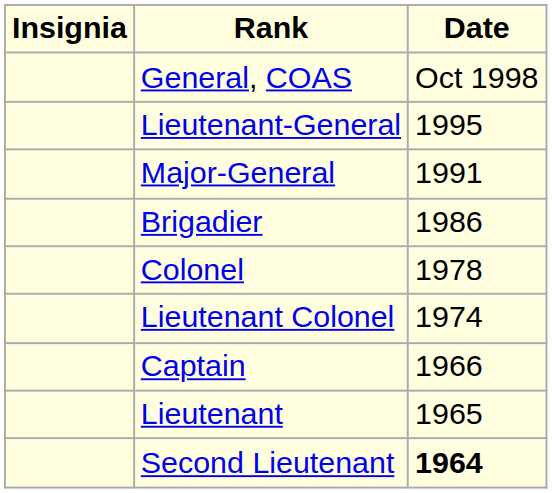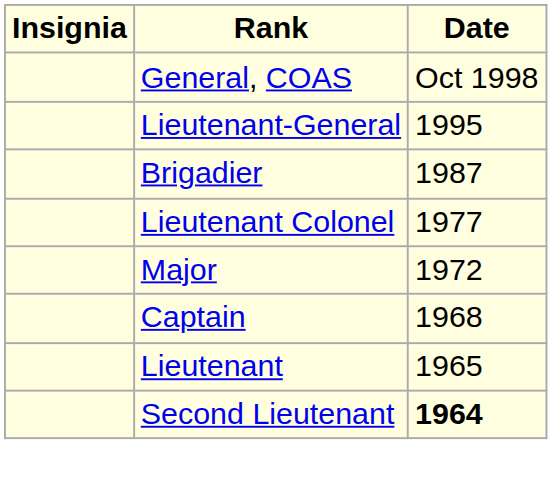 <table class="wikitable">
 <tr>
 <th style="background:#FFFFE0">Insignia</th>
 <th style="background:#FFFFE0">Rank</th>
 <th style="background:#FFFFE0">Date</th>
 </tr>
 <tr>
 <td style="background:#FFFFE0"> </td>
 <td style="background:#FFFFE0"><a href='#'>General</a>, <a href='#'>COAS</a></td>
 <td style="background:#FFFFE0">Oct 1998</td>
 </tr>
 <tr>
 <td style="background:#FFFFE0"></td>
 <td style="background:#FFFFE0"><a href='#'>Lieutenant-General</a></td>
 <td style="background:#FFFFE0">1995</td>
 </tr>
 <tr>
-<td style="background:#FFFFE0"> </td>
-<td style="background:#FFFFE0"><a href='#'>Major-General</a></td>
-<td style="background:#FFFFE0">1991</td>
-</tr>
-<tr>
 <td style="background:#FFFFE0"></td>
 <td style="background:#FFFFE0"><a href='#'>Brigadier</a></td>
-<td style="background:#FFFFE0">1986</td>
-</tr>
-<tr>
-<td style="background:#FFFFE0"></td>
-<td style="background:#FFFFE0"><a href='#'>Colonel</a></td>
-<td style="background:#FFFFE0">1978</td>
+<td style="background:#FFFFE0">1987</td>
 </tr>
 <tr>
 <td style="background:#FFFFE0"></td>
 <td style="background:#FFFFE0"><a href='#'>Lieutenant Colonel</a></td>
-<td style="background:#FFFFE0">1974</td>
+<td style="background:#FFFFE0">1977</td>
+</tr>
+<tr>
+<td style="background:#FFFFE0"></td>
+<td style="background:#FFFFE0"><a href='#'>Major</a></td>
+<td style="background:#FFFFE0">1972</td>
 </tr>
 <tr>
 <td style="background:#FFFFE0"></td>
 <td style="background:#FFFFE0"><a href='#'>Captain</a></td>
-<td style="background:#FFFFE0">1966</td>
+<td style="background:#FFFFE0">1968</td>
 </tr>
 <tr>
 <td style="background:#FFFFE0"></td>
 <td style="background:#FFFFE0"><a href='#'>Lieutenant</a></td>
 <td style="background:#FFFFE0">1965</td>
 </tr>
 <tr>
 <td style="background:#FFFFE0"></td>
 <td style="background:#FFFFE0"><a href='#'>Second Lieutenant</a></td>
 <td style="background:#FFFFE0"><strong>1964</strong></td>
 </tr>
 </table>
